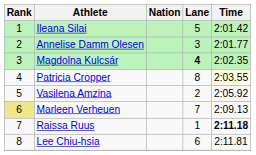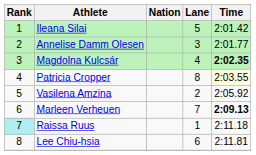 <table class="wikitable sortable" style="text-align:center">
 <tr>
 <th>Rank</th>
 <th>Athlete</th>
 <th>Nation</th>
 <th>Lane</th>
 <th>Time</th>
 </tr>
 <tr bgcolor=bbf3bb>
 <td>1</td>
 <td align=left><a href='#'>Ileana Silai</a></td>
 <td align=left></td>
 <td>5</td>
 <td>2:01.42</td>
 </tr>
 <tr bgcolor=bbf3bb>
 <td>2</td>
 <td align=left><a href='#'>Annelise Damm Olesen</a></td>
 <td align=left></td>
 <td>3</td>
 <td>2:01.77</td>
 </tr>
 <tr bgcolor=bbf3bb>
 <td>3</td>
 <td align=left><a href='#'>Magdolna Kulcsár</a></td>
 <td align=left></td>
-<td><strong>4</strong></td>
-<td>2:02.35</td>
+<td>4</td>
+<td><strong>2:02.35</strong></td>
 </tr>
 <tr>
 <td>4</td>
 <td align=left><a href='#'>Patricia Cropper</a></td>
 <td align=left></td>
 <td>8</td>
 <td style="background: lightyellow;">2:03.55</td>
 </tr>
 <tr>
 <td>5</td>
 <td align=left><a href='#'>Vasilena Amzina</a></td>
 <td align=left></td>
 <td>2</td>
 <td>2:05.92</td>
 </tr>
 <tr>
-<td style="background: khaki;">6</td>
+<td>6</td>
 <td align=left><a href='#'>Marleen Verheuen</a></td>
 <td align=left></td>
 <td>7</td>
-<td>2:09.13</td>
+<td><strong>2:09.13</strong></td>
 </tr>
 <tr>
-<td>7</td>
+<td style="background: paleturquoise;">7</td>
 <td align=left><a href='#'>Raissa Ruus</a></td>
 <td align=left></td>
 <td>1</td>
-<td><strong>2:11.18</strong></td>
+<td>2:11.18</td>
 </tr>
 <tr>
 <td>8</td>
 <td align=left><a href='#'>Lee Chiu-hsia</a></td>
 <td align=left></td>
 <td>6</td>
 <td>2:11.81</td>
 </tr>
 <tr>
 </tr>
 </table>
